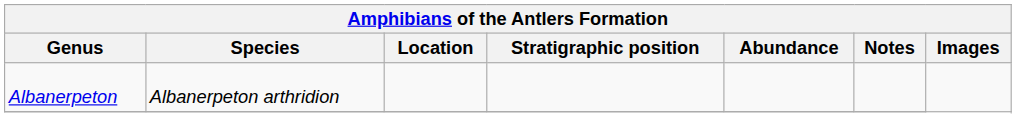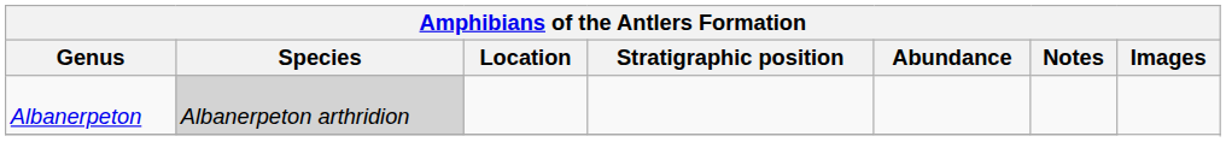 <table class="wikitable" align="center" width="100%">
 <tr>
 <th colspan="7" align="center"><strong><a href='#'>Amphibians</a> of the Antlers Formation</strong></th>
 </tr>
 <tr>
 <th>Genus</th>
 <th>Species</th>
 <th>Location</th>
 <th>Stratigraphic position</th>
 <th>Abundance</th>
 <th>Notes</th>
 <th>Images</th>
 </tr>
 <tr>
 <td><br><em><a href='#'>Albanerpeton</a></em></td>
-<td><br><em>Albanerpeton arthridion</em></td>
+<td style="background: lightgrey;"><br><em>Albanerpeton arthridion</em></td>
 <td></td>
 <td></td>
 <td></td>
 <td></td>
 <td rowspan="99"><br></td>
 </tr>
 <tr>
 </tr>
 </table>
